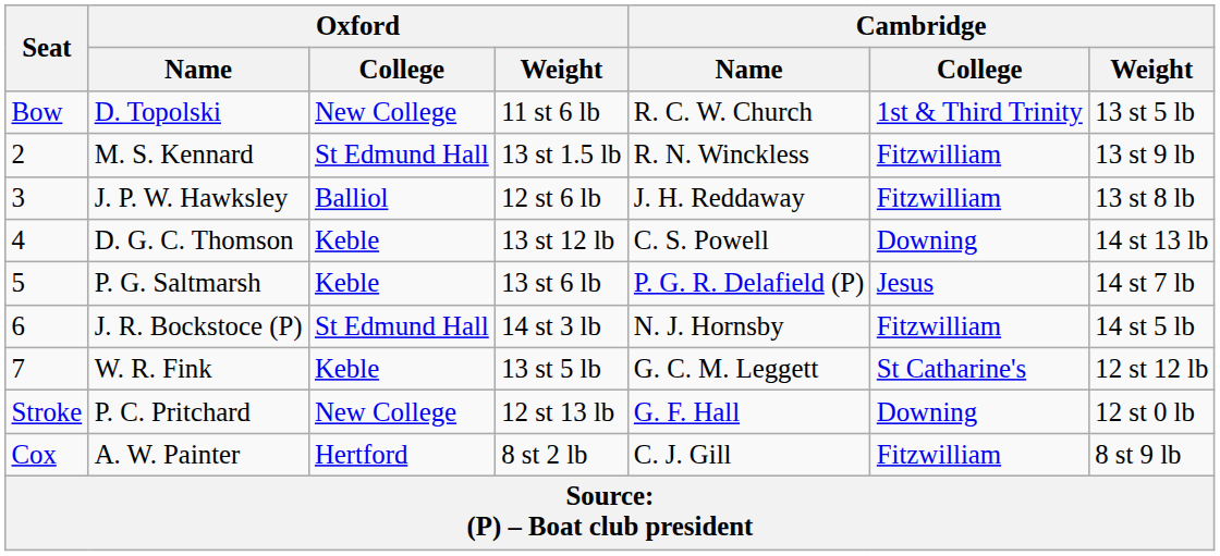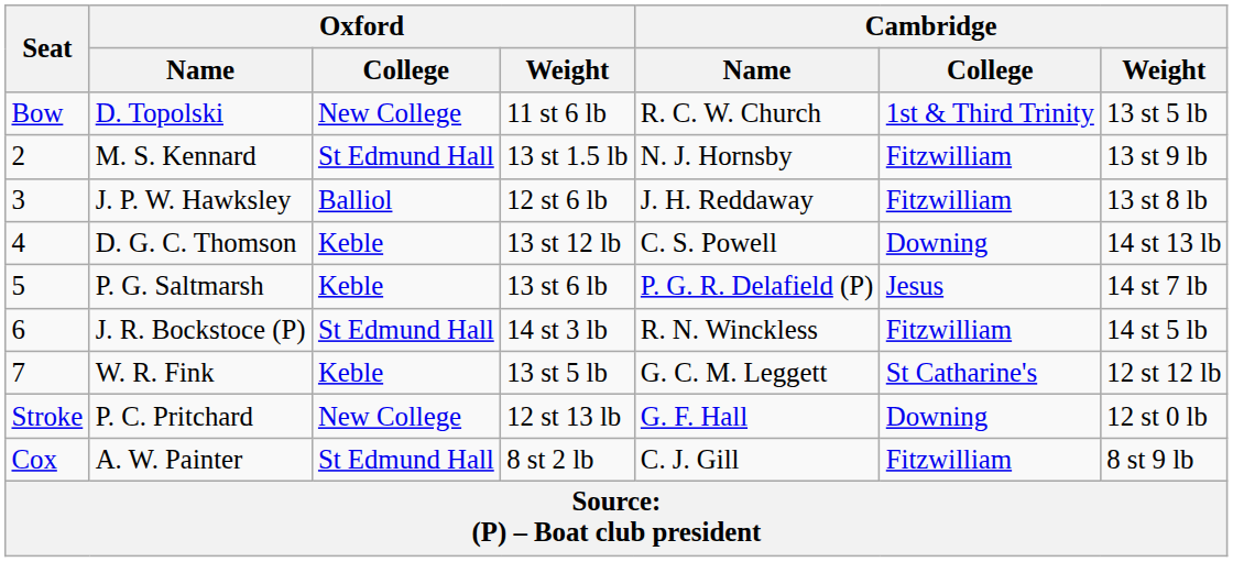 <table class="wikitable">
 <tr>
 <th rowspan="2" scope="col">Seat</th>
 <th colspan="3" scope="col">Oxford <br> </th>
 <th colspan="3" scope="col">Cambridge <br> </th>
 </tr>
 <tr>
 <th>Name</th>
 <th>College</th>
 <th>Weight</th>
 <th>Name</th>
 <th>College</th>
 <th>Weight</th>
 </tr>
 <tr>
 <td><a href='#'>Bow</a></td>
 <td><a href='#'>D. Topolski</a></td>
 <td><a href='#'>New College</a></td>
 <td>11 st 6 lb</td>
 <td>R. C. W. Church</td>
 <td><a href='#'>1st & Third Trinity</a></td>
 <td>13 st 5 lb</td>
 </tr>
 <tr>
 <td>2</td>
 <td>M. S. Kennard</td>
 <td><a href='#'>St Edmund Hall</a></td>
 <td>13 st 1.5 lb</td>
-<td>R. N. Winckless</td>
+<td>N. J. Hornsby</td>
 <td><a href='#'>Fitzwilliam</a></td>
 <td>13 st 9 lb</td>
 </tr>
 <tr>
 <td>3</td>
 <td>J. P. W. Hawksley</td>
 <td><a href='#'>Balliol</a></td>
 <td>12 st 6 lb</td>
 <td>J. H. Reddaway</td>
 <td><a href='#'>Fitzwilliam</a></td>
 <td>13 st 8 lb</td>
 </tr>
 <tr>
 <td>4</td>
 <td>D. G. C. Thomson</td>
 <td><a href='#'>Keble</a></td>
 <td>13 st 12 lb</td>
 <td>C. S. Powell</td>
 <td><a href='#'>Downing</a></td>
 <td>14 st 13 lb</td>
 </tr>
 <tr>
 <td>5</td>
 <td>P. G. Saltmarsh</td>
 <td><a href='#'>Keble</a></td>
 <td>13 st 6 lb</td>
 <td><a href='#'>P. G. R. Delafield</a> (P)</td>
 <td><a href='#'>Jesus</a></td>
 <td>14 st 7 lb</td>
 </tr>
 <tr>
 <td>6</td>
 <td>J. R. Bockstoce (P)</td>
 <td><a href='#'>St Edmund Hall</a></td>
 <td>14 st 3 lb</td>
-<td>N. J. Hornsby</td>
+<td>R. N. Winckless</td>
 <td><a href='#'>Fitzwilliam</a></td>
 <td>14 st 5 lb</td>
 </tr>
 <tr>
 <td>7</td>
 <td>W. R. Fink</td>
 <td><a href='#'>Keble</a></td>
 <td>13 st 5 lb</td>
 <td>G. C. M. Leggett</td>
 <td><a href='#'>St Catharine's</a></td>
 <td>12 st 12 lb</td>
 </tr>
 <tr>
 <td><a href='#'>Stroke</a></td>
 <td>P. C. Pritchard</td>
 <td><a href='#'>New College</a></td>
 <td>12 st 13 lb</td>
 <td><a href='#'>G. F. Hall</a></td>
 <td><a href='#'>Downing</a></td>
 <td>12 st 0 lb</td>
 </tr>
 <tr>
 <td><a href='#'>Cox</a></td>
 <td>A. W. Painter</td>
-<td><a href='#'>Hertford</a></td>
+<td><a href='#'>St Edmund Hall</a></td>
 <td>8 st 2 lb</td>
 <td>C. J. Gill</td>
 <td><a href='#'>Fitzwilliam</a></td>
 <td>8 st 9 lb</td>
 </tr>
 <tr>
 <th colspan="7">Source:<br>(P) – Boat club president</th>
 </tr>
 </table>
